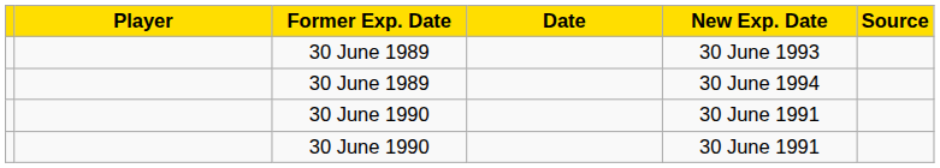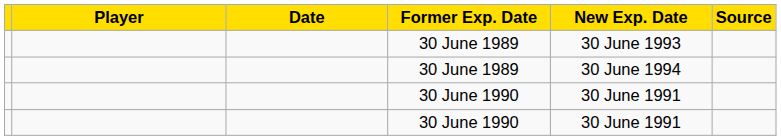 <table class="wikitable sortable">
 <tr>
 <th style="background:#FFDE00"></th>
 <th width=200 style="background:#FFDE00">Player</th>
+<th width=150 style="background:#FFDE00">Date</th>
 <th width=150 style="background:#FFDE00">Former Exp. Date</th>
-<th width=150 style="background:#FFDE00">Date</th>
 <th width=150 style="background:#FFDE00">New Exp. Date</th>
 <th style="background:#FFDE00">Source</th>
 </tr>
 <tr>
 <td align=center></td>
 <td></td>
+<td align=center></td>
 <td align=center>30 June 1989</td>
-<td align=center></td>
 <td align=center>30 June 1993</td>
 <td align=center></td>
 </tr>
 <tr>
 <td align=center></td>
 <td></td>
+<td align=center></td>
 <td align=center>30 June 1989</td>
-<td align=center></td>
 <td align=center>30 June 1994</td>
 <td align=center></td>
 </tr>
 <tr>
 <td align=center></td>
 <td></td>
+<td align=center></td>
 <td align=center>30 June 1990</td>
-<td align=center></td>
 <td align=center>30 June 1991</td>
 <td align=center></td>
 </tr>
 <tr>
 <td align=center></td>
 <td></td>
+<td align=center></td>
 <td align=center>30 June 1990</td>
-<td align=center></td>
 <td align=center>30 June 1991</td>
 <td align=center></td>
 </tr>
 </table>
